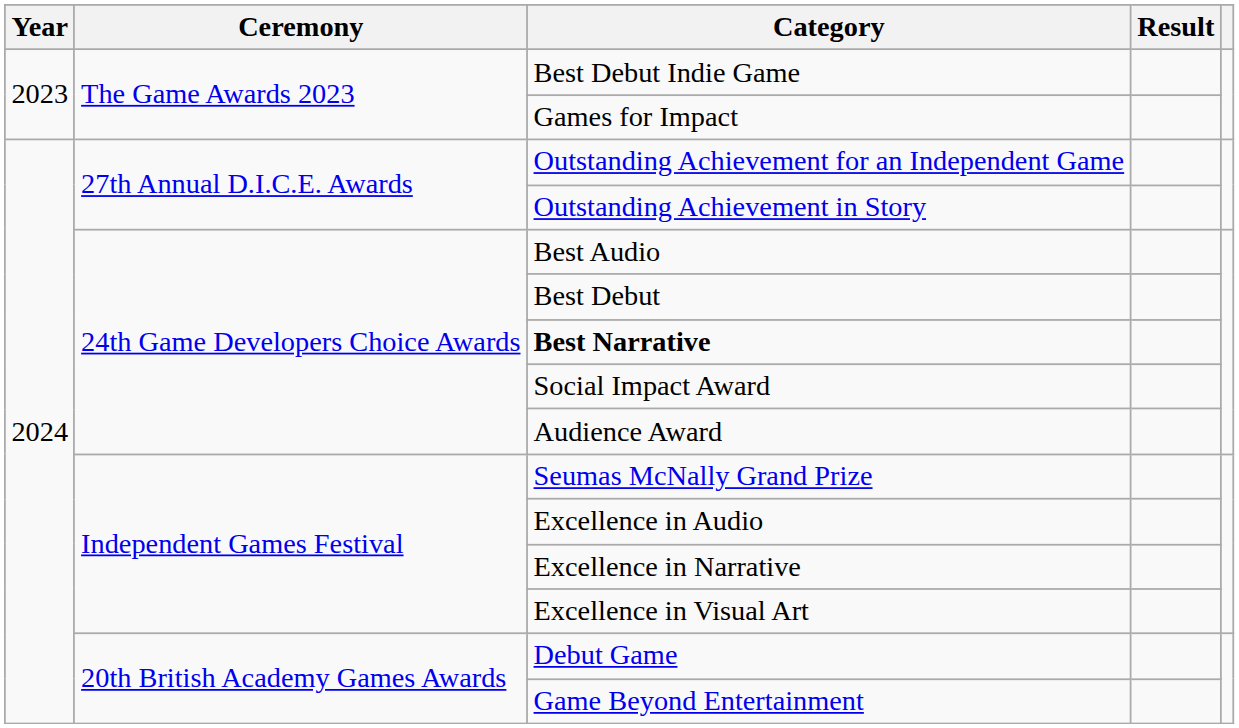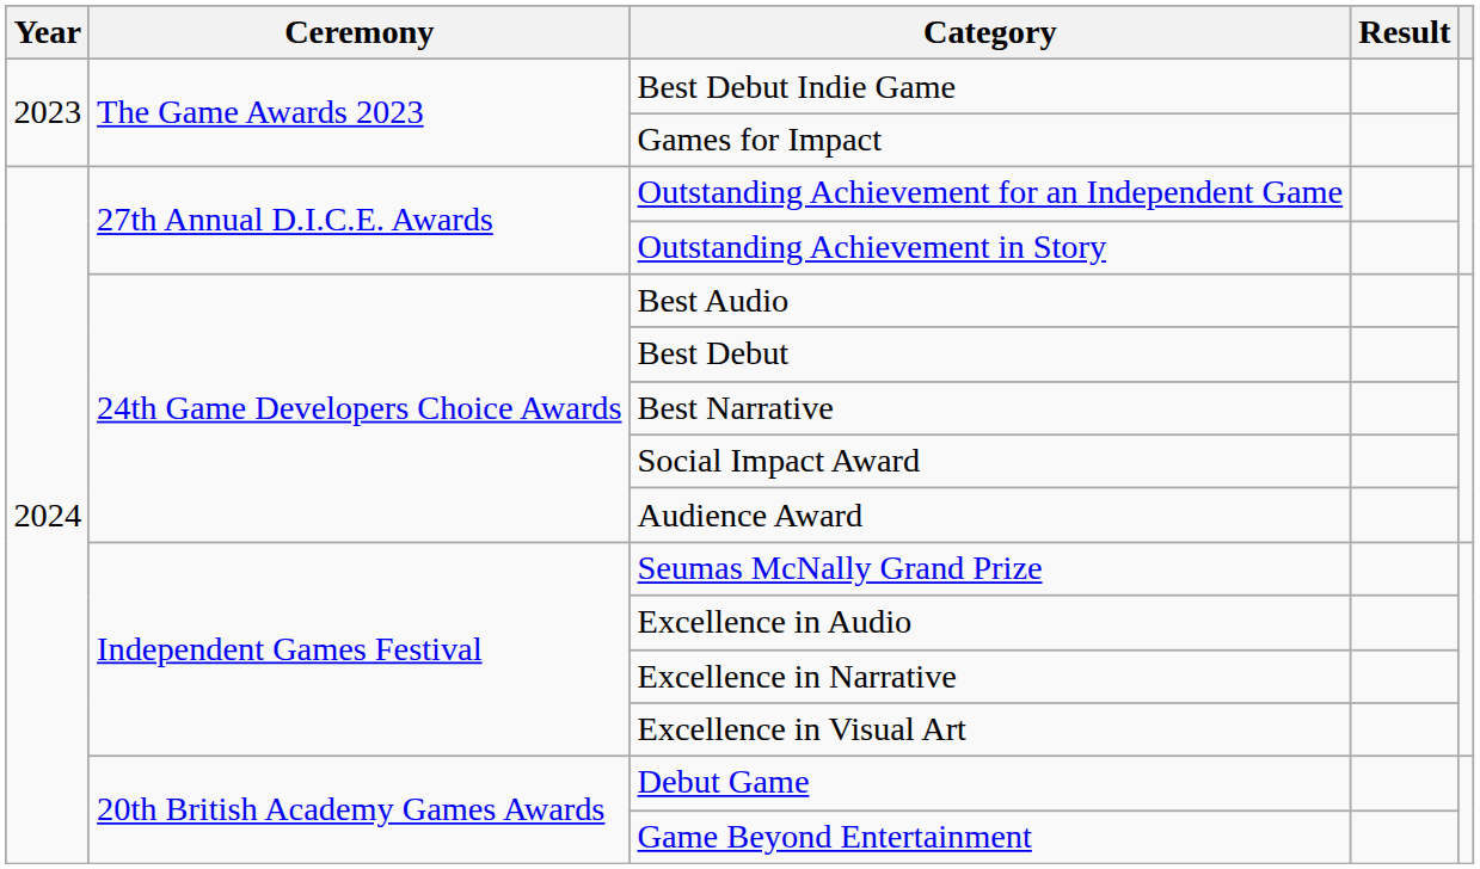 <table class="wikitable plainrowheaders sortable" width="auto">
 <tr>
 <th scope="col">Year</th>
 <th scope="col">Ceremony</th>
 <th scope="col">Category</th>
 <th scope="col">Result</th>
 <th scope="col" class="unsortable"></th>
 </tr>
 <tr>
 <td style="text-align:center;" rowspan="2">2023</td>
 <td rowspan="2"><a href='#'>The Game Awards 2023</a></td>
 <td>Best Debut Indie Game</td>
 <td></td>
 <td style="text-align:center;" rowspan="2"></td>
 </tr>
 <tr>
 <td>Games for Impact</td>
 <td></td>
 </tr>
 <tr>
 <td style="text-align:center;" rowspan="13">2024</td>
 <td rowspan="2"><a href='#'>27th Annual D.I.C.E. Awards</a></td>
 <td><a href='#'>Outstanding Achievement for an Independent Game</a></td>
 <td></td>
 <td style="text-align:center;" rowspan="2"></td>
 </tr>
 <tr>
 <td><a href='#'>Outstanding Achievement in Story</a></td>
 <td></td>
 </tr>
 <tr>
 <td rowspan="5"><a href='#'>24th Game Developers Choice Awards</a></td>
 <td>Best Audio</td>
 <td></td>
 <td style="text-align:center;" rowspan="5"></td>
 </tr>
 <tr>
 <td>Best Debut</td>
 <td></td>
 </tr>
 <tr>
-<td><strong>Best Narrative</strong></td>
+<td>Best Narrative</td>
 <td></td>
 </tr>
 <tr>
 <td>Social Impact Award</td>
 <td></td>
 </tr>
 <tr>
 <td>Audience Award</td>
 <td></td>
 </tr>
 <tr>
 <td rowspan="4"><a href='#'>Independent Games Festival</a></td>
 <td><a href='#'>Seumas McNally Grand Prize</a></td>
 <td></td>
 <td style="text-align:center;" rowspan="4"></td>
 </tr>
 <tr>
 <td>Excellence in Audio</td>
 <td></td>
 </tr>
 <tr>
 <td>Excellence in Narrative</td>
 <td></td>
 </tr>
 <tr>
 <td>Excellence in Visual Art</td>
 <td></td>
 </tr>
 <tr>
 <td rowspan="2"><a href='#'>20th British Academy Games Awards</a></td>
 <td><a href='#'>Debut Game</a></td>
 <td></td>
 <td style="text-align:center;" rowspan=2></td>
 </tr>
 <tr>
 <td><a href='#'>Game Beyond Entertainment</a></td>
 <td></td>
 </tr>
 </table>
